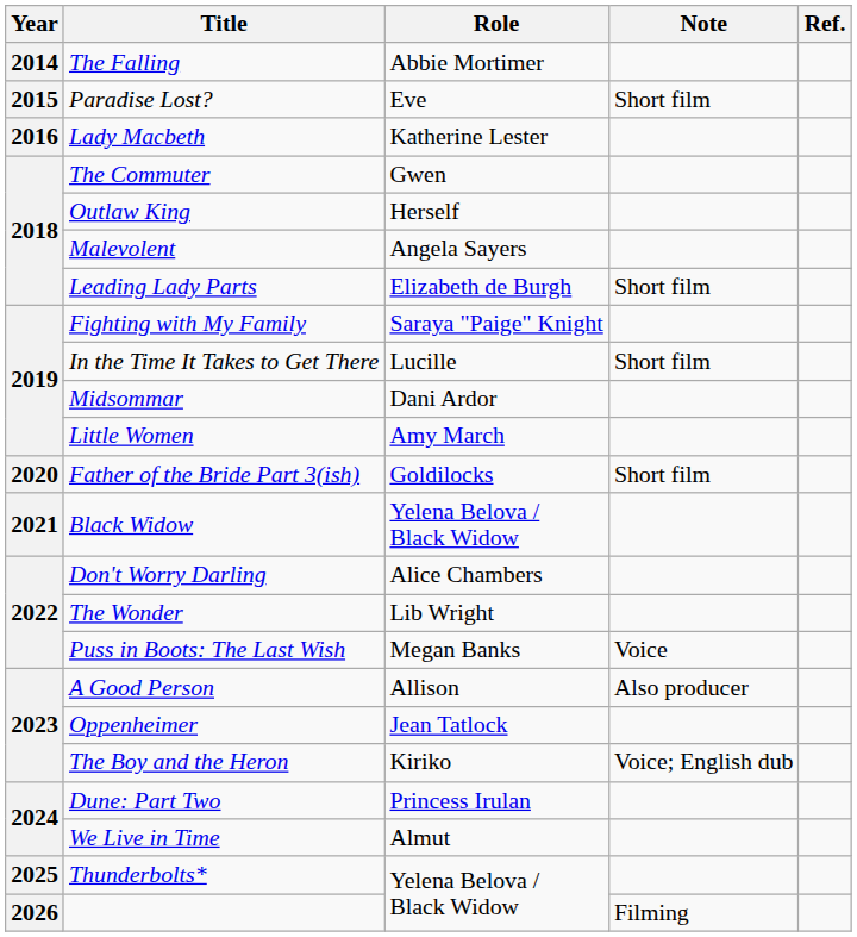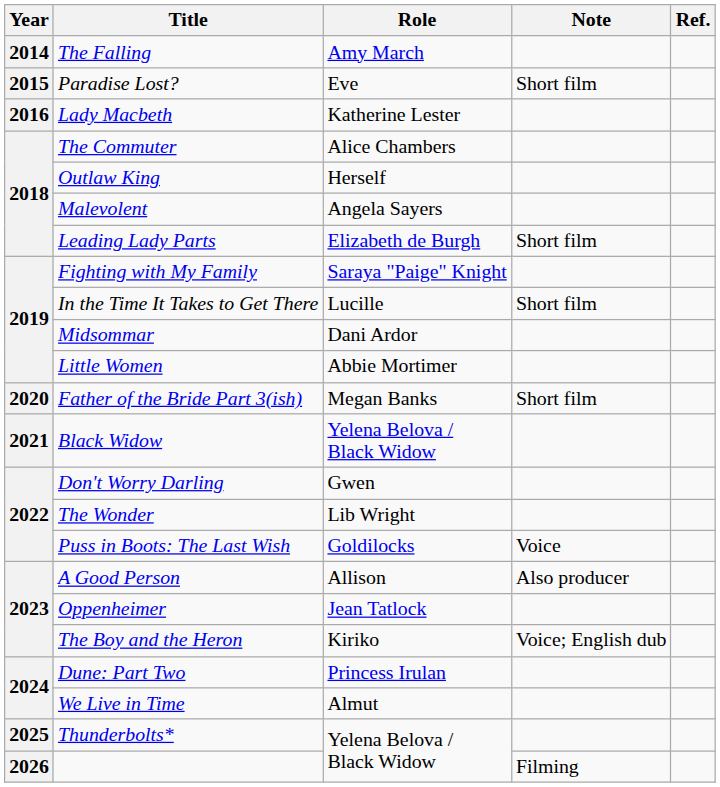 <table class="wikitable plainrowheaders sortable">
 <tr>
 <th scope="col">Year</th>
 <th scope="col">Title</th>
 <th scope="col">Role</th>
 <th scope="col">Note</th>
 <th scope="col" class="unsortable">Ref.</th>
 </tr>
 <tr>
 <th scope="row">2014</th>
 <td><em><a href='#'>The Falling</a></em></td>
-<td>Abbie Mortimer</td>
+<td><a href='#'>Amy March</a></td>
 <td></td>
 <td></td>
 </tr>
 <tr>
 <th scope="row">2015</th>
 <td><em>Paradise Lost?</em></td>
 <td>Eve</td>
 <td>Short film</td>
 <td></td>
 </tr>
 <tr>
 <th scope="row">2016</th>
 <td><em><a href='#'>Lady Macbeth</a></em></td>
 <td>Katherine Lester</td>
 <td></td>
 <td></td>
 </tr>
 <tr>
 <th rowspan="4" scope="row">2018</th>
 <td><em><a href='#'>The Commuter</a></em></td>
-<td>Gwen</td>
+<td>Alice Chambers</td>
 <td></td>
 <td></td>
 </tr>
 <tr>
 <td><em><a href='#'>Outlaw King</a></em></td>
 <td>Herself</td>
 <td></td>
 <td></td>
 </tr>
 <tr>
 <td><em><a href='#'>Malevolent</a></em></td>
 <td>Angela Sayers</td>
 <td></td>
 <td></td>
 </tr>
 <tr>
 <td><em><a href='#'>Leading Lady Parts</a></em></td>
 <td><a href='#'>Elizabeth de Burgh</a></td>
 <td>Short film</td>
 <td></td>
 </tr>
 <tr>
 <th rowspan="4" scope="row">2019</th>
 <td><em><a href='#'>Fighting with My Family</a></em></td>
 <td><a href='#'>Saraya "Paige" Knight</a></td>
 <td></td>
 <td></td>
 </tr>
 <tr>
 <td><em>In the Time It Takes to Get There</em></td>
 <td>Lucille</td>
 <td>Short film</td>
 <td></td>
 </tr>
 <tr>
 <td><em><a href='#'>Midsommar</a></em></td>
 <td>Dani Ardor</td>
 <td></td>
 <td></td>
 </tr>
 <tr>
 <td><em><a href='#'>Little Women</a></em></td>
-<td><a href='#'>Amy March</a></td>
+<td>Abbie Mortimer</td>
 <td></td>
 <td></td>
 </tr>
 <tr>
 <th scope="row">2020</th>
 <td><em><a href='#'>Father of the Bride Part 3(ish)</a></em></td>
-<td><a href='#'>Goldilocks</a></td>
+<td>Megan Banks</td>
 <td>Short film</td>
 <td></td>
 </tr>
 <tr>
 <th scope="row">2021</th>
 <td><em><a href='#'>Black Widow</a></em></td>
 <td><a href='#'>Yelena Belova / <br>Black Widow</a></td>
 <td></td>
 <td></td>
 </tr>
 <tr>
 <th rowspan="3" scope="row">2022</th>
 <td><em><a href='#'>Don't Worry Darling</a></em></td>
-<td>Alice Chambers</td>
+<td>Gwen</td>
 <td></td>
 <td></td>
 </tr>
 <tr>
 <td><em><a href='#'>The Wonder</a></em></td>
 <td>Lib Wright</td>
 <td></td>
 <td></td>
 </tr>
 <tr>
 <td><em><a href='#'>Puss in Boots: The Last Wish</a></em></td>
-<td>Megan Banks</td>
+<td><a href='#'>Goldilocks</a></td>
 <td>Voice</td>
 <td></td>
 </tr>
 <tr>
 <th rowspan="3" scope="row">2023</th>
 <td><em><a href='#'>A Good Person</a></em></td>
 <td>Allison</td>
 <td>Also producer</td>
 <td></td>
 </tr>
 <tr>
 <td><em><a href='#'>Oppenheimer</a></em></td>
 <td><a href='#'>Jean Tatlock</a></td>
 <td></td>
 <td></td>
 </tr>
 <tr>
 <td><em><a href='#'>The Boy and the Heron</a></em></td>
 <td>Kiriko</td>
 <td>Voice; English dub</td>
 <td></td>
 </tr>
 <tr>
 <th rowspan="2" scope="row">2024</th>
 <td><em><a href='#'>Dune: Part Two</a></em></td>
 <td><a href='#'>Princess Irulan</a></td>
 <td></td>
 <td></td>
 </tr>
 <tr>
 <td><em><a href='#'>We Live in Time</a></em></td>
 <td>Almut</td>
 <td></td>
 <td></td>
 </tr>
 <tr>
 <th scope="row">2025</th>
 <td><em><a href='#'>Thunderbolts*</a></em></td>
 <td rowspan=2>Yelena Belova / <br>Black Widow</td>
 <td></td>
 <td></td>
 </tr>
 <tr>
 <th scope="row">2026</th>
 <td></td>
 <td>Filming</td>
 <td></td>
 </tr>
 </table>
